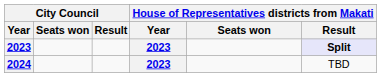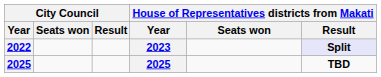 <table class="wikitable" style="text-align:center; font-size:90%">
 <tr>
 <th colspan="3">City Council</th>
 <th colspan="3"><a href='#'>House of Representatives</a> districts from <a href='#'>Makati</a></th>
 </tr>
 <tr>
 <th>Year</th>
 <th>Seats won</th>
 <th>Result</th>
 <th>Year</th>
 <th>Seats won</th>
 <th>Result</th>
 </tr>
 <tr>
-<th><a href='#'>2023</a></th>
+<th><a href='#'>2022</a></th>
 <td></td>
 <td></td>
 <th><a href='#'>2023</a></th>
 <td></td>
 <td style="background: lavender;"><strong>Split</strong></td>
 </tr>
 <tr>
-<th><a href='#'>2024</a></th>
+<th><a href='#'>2025</a></th>
 <td></td>
 <td></td>
-<th><a href='#'>2023</a></th>
+<th><a href='#'>2025</a></th>
 <td></td>
-<td>TBD</td>
+<td><strong>TBD</strong></td>
 </tr>
 </table>
